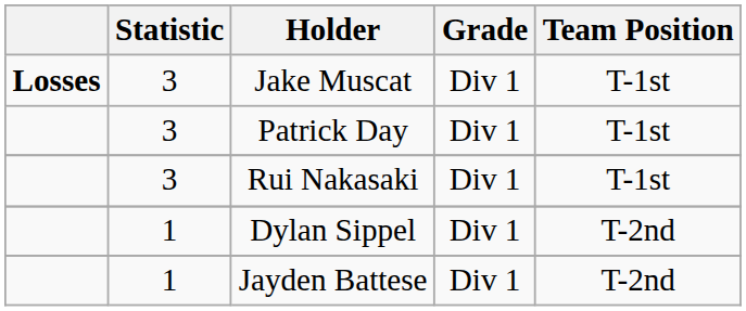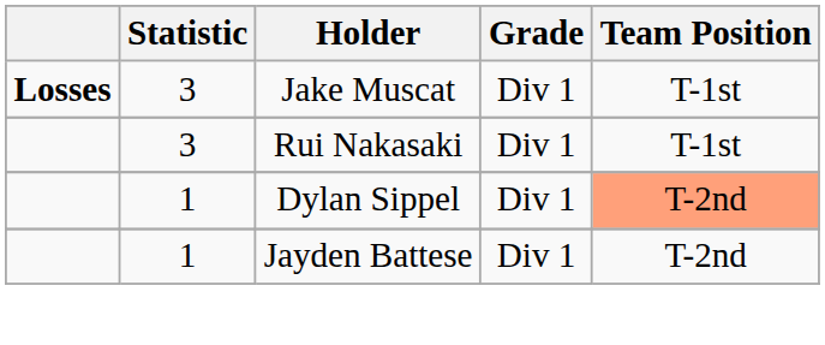 <table class="wikitable" style="text-align: center; mPERin: 0 auto;">
 <tr>
 <th></th>
 <th>Statistic</th>
 <th>Holder</th>
 <th>Grade</th>
 <th>Team Position</th>
 </tr>
 <tr>
 <td><strong>Losses</strong></td>
 <td>3</td>
 <td>Jake Muscat</td>
-<td>Div 1</td>
-<td>T-1st</td>
-</tr>
-<tr>
-<td></td>
-<td>3</td>
-<td>Patrick Day</td>
 <td>Div 1</td>
 <td>T-1st</td>
 </tr>
 <tr>
 </tr>
 <tr>
 <td></td>
 <td>3</td>
 <td>Rui Nakasaki</td>
 <td>Div 1</td>
 <td>T-1st</td>
 </tr>
 <tr>
 </tr>
 <tr>
 <td></td>
 <td>1</td>
 <td>Dylan Sippel</td>
 <td>Div 1</td>
-<td>T-2nd</td>
+<td style="background: lightsalmon;">T-2nd</td>
 </tr>
 <tr>
 </tr>
 <tr>
 <td></td>
 <td>1</td>
 <td>Jayden Battese</td>
 <td>Div 1</td>
 <td>T-2nd</td>
 </tr>
 </table>
